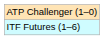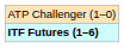 <table class=wikitable style=font-size:97%>
 <tr bgcolor=moccasin>
 <td>ATP Challenger (1–0)</td>
 </tr>
 <tr bgcolor=cffcff>
-<td>ITF Futures (1–6)</td>
+<td><strong>ITF Futures (1–6)</strong></td>
 </tr>
 </table>
